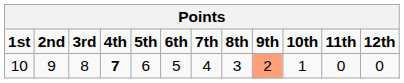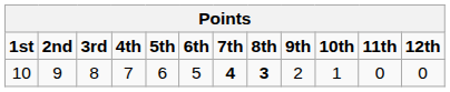 <table class="wikitable" style="font-size:95%; text-align:center">
 <tr>
 <th colspan="19">Points</th>
 </tr>
 <tr>
 <td><strong>1st</strong></td>
 <td><strong>2nd</strong></td>
 <td><strong>3rd</strong></td>
 <td><strong>4th</strong></td>
 <td><strong>5th</strong></td>
 <td><strong>6th</strong></td>
 <td><strong>7th</strong></td>
 <td><strong>8th</strong></td>
 <td><strong>9th</strong></td>
 <td><strong>10th</strong></td>
 <td><strong>11th</strong></td>
 <td><strong>12th</strong></td>
 </tr>
 <tr>
 <td>10</td>
 <td>9</td>
 <td>8</td>
-<td><strong>7</strong></td>
+<td>7</td>
 <td>6</td>
 <td>5</td>
-<td>4</td>
-<td>3</td>
-<td style="background: lightsalmon;">2</td>
+<td><strong>4</strong></td>
+<td><strong>3</strong></td>
+<td>2</td>
 <td>1</td>
 <td>0</td>
 <td>0</td>
 </tr>
 </table>
